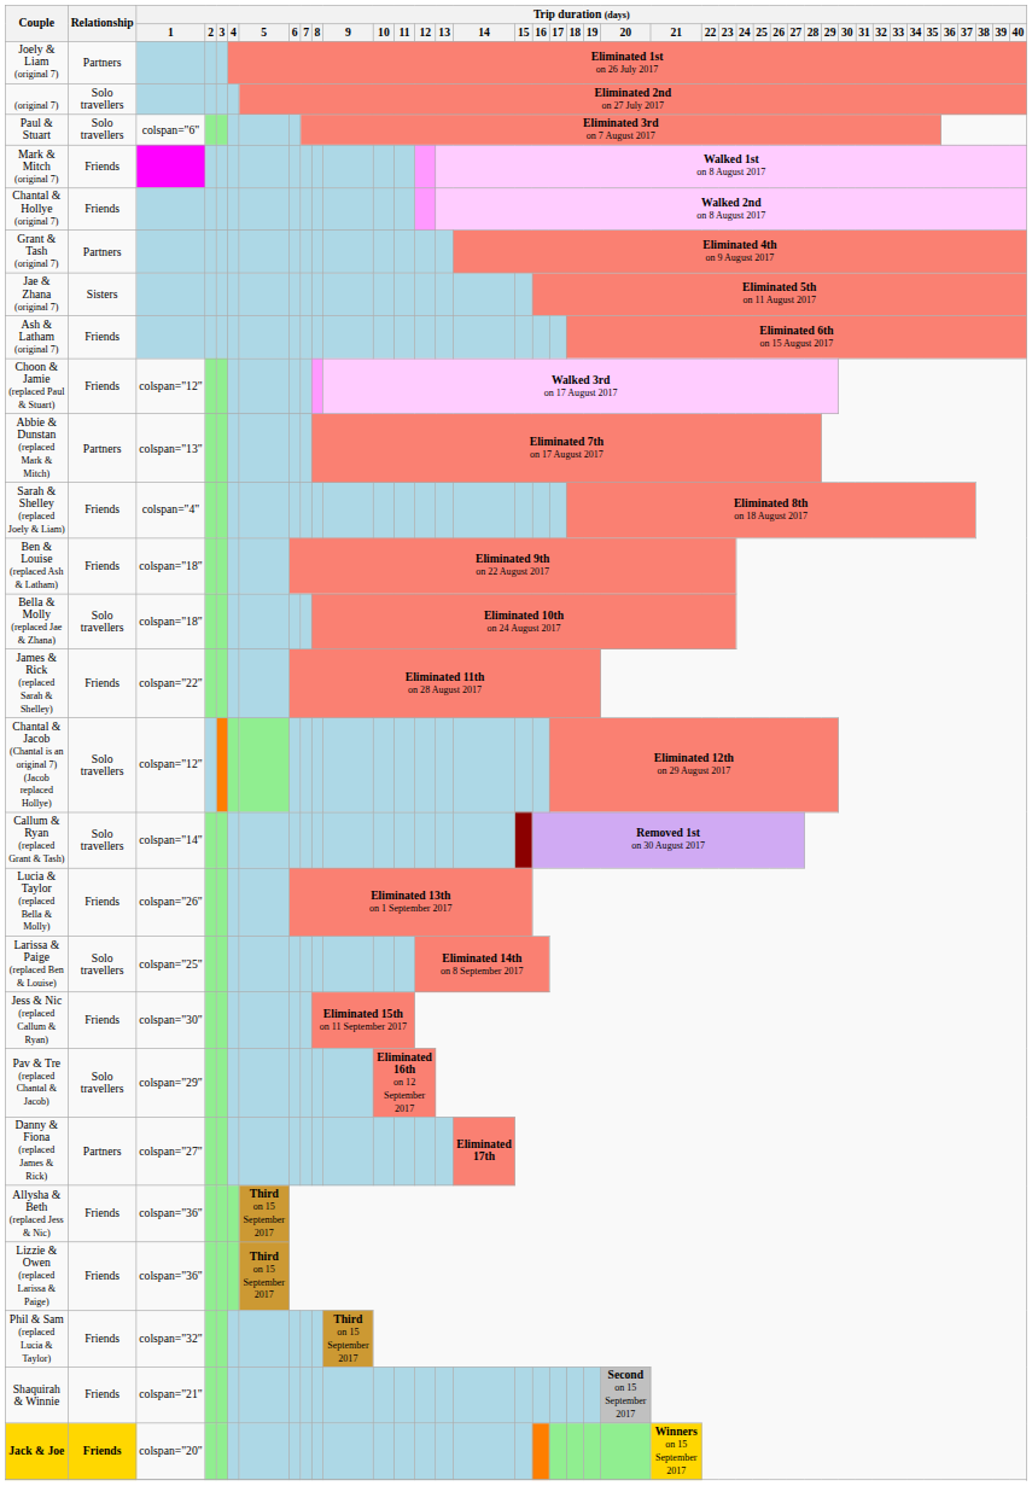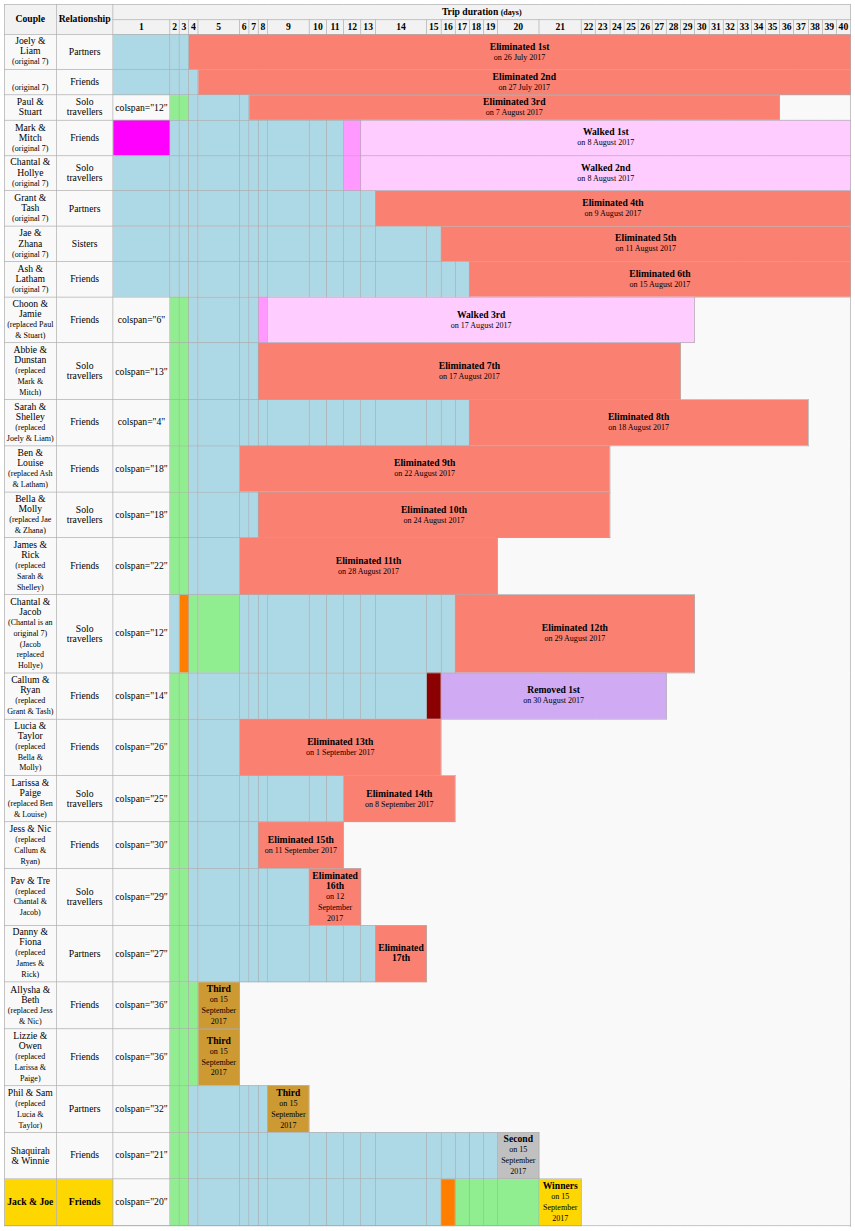 <table class="wikitable" style="text-align:center; width:100%; font-size:90%; line-height:15px;">
 <tr>
 <th rowspan="2">Couple</th>
 <th rowspan="2">Relationship</th>
 <th colspan="40">Trip duration <small>(days)</small></th>
 </tr>
 <tr>
 <th>1</th>
 <th>2</th>
 <th>3</th>
 <th>4</th>
 <th>5</th>
 <th>6</th>
 <th>7</th>
 <th>8</th>
 <th>9</th>
 <th>10</th>
 <th>11</th>
 <th>12</th>
 <th>13</th>
 <th>14</th>
 <th>15</th>
 <th>16</th>
 <th>17</th>
 <th>18</th>
 <th>19</th>
 <th>20</th>
 <th>21</th>
 <th>22</th>
 <th>23</th>
 <th>24</th>
 <th>25</th>
 <th>26</th>
 <th>27</th>
 <th>28</th>
 <th>29</th>
 <th>30</th>
 <th>31</th>
 <th>32</th>
 <th>33</th>
 <th>34</th>
 <th>35</th>
 <th>36</th>
 <th>37</th>
 <th>38</th>
 <th>39</th>
 <th>40</th>
 </tr>
 <tr>
 <td>Joely & Liam<br><small>(original 7)</small></td>
 <td>Partners</td>
 <td style="background:lightblue;"></td>
 <td style="background:lightblue;"></td>
 <td style="background:lightblue;"></td>
 <td colspan="37" style="background:salmon;"><strong>Eliminated 1st</strong><br><small>on 26 July 2017</small></td>
 </tr>
 <tr>
 <td><br><small>(original 7)</small></td>
-<td>Solo travellers</td>
+<td>Friends</td>
 <td style="background:lightblue;"></td>
 <td style="background:lightblue;"></td>
 <td style="background:lightblue;"></td>
 <td style="background:lightblue;"></td>
 <td colspan="36" style="background:salmon;"><strong>Eliminated 2nd</strong><br><small>on 27 July 2017</small></td>
 </tr>
 <tr>
 <td>Paul & Stuart<br><small></small></td>
 <td>Solo travellers</td>
-<td>colspan="6" </td>
+<td>colspan="12" </td>
 <td style="background:lightgreen;"></td>
 <td style="background:lightgreen;"></td>
 <td style="background:lightblue;"></td>
 <td style="background:lightblue;"></td>
 <td style="background:lightblue;"></td>
 <td colspan="29" style="background:salmon;"><strong>Eliminated 3rd</strong><br><small>on 7 August 2017</small></td>
 </tr>
 <tr>
 <td>Mark & Mitch<br><small>(original 7)</small></td>
 <td>Friends</td>
 <td style="background:#ff00ff;"></td>
 <td style="background:lightblue;"></td>
 <td style="background:lightblue;"></td>
 <td style="background:lightblue;"></td>
 <td style="background:lightblue;"></td>
 <td style="background:lightblue;"></td>
 <td style="background:lightblue;"></td>
 <td style="background:lightblue;"></td>
 <td style="background:lightblue;"></td>
 <td style="background:lightblue;"></td>
 <td style="background:lightblue;"></td>
 <td style="background:#ff99ff;"></td>
 <td colspan="28" style="background:#ffccff;"><strong>Walked 1st</strong><br><small>on 8 August 2017</small></td>
 </tr>
 <tr>
 <td>Chantal & Hollye<br><small>(original 7)</small></td>
-<td>Friends</td>
+<td>Solo travellers</td>
 <td style="background:lightblue;"></td>
 <td style="background:lightblue;"></td>
 <td style="background:lightblue;"></td>
 <td style="background:lightblue;"></td>
 <td style="background:lightblue;"></td>
 <td style="background:lightblue;"></td>
 <td style="background:lightblue;"></td>
 <td style="background:lightblue;"></td>
 <td style="background:lightblue;"></td>
 <td style="background:lightblue;"></td>
 <td style="background:lightblue;"></td>
 <td style="background:#ff99ff;"></td>
 <td colspan="28" style="background:#ffccff;"><strong>Walked 2nd</strong><br><small>on 8 August 2017</small></td>
 </tr>
 <tr>
 <td>Grant & Tash<br><small>(original 7)</small></td>
 <td>Partners</td>
 <td style="background:lightblue;"></td>
 <td style="background:lightblue;"></td>
 <td style="background:lightblue;"></td>
 <td style="background:lightblue;"></td>
 <td style="background:lightblue;"></td>
 <td style="background:lightblue;"></td>
 <td style="background:lightblue;"></td>
 <td style="background:lightblue;"></td>
 <td style="background:lightblue;"></td>
 <td style="background:lightblue;"></td>
 <td style="background:lightblue;"></td>
 <td style="background:lightblue;"></td>
 <td style="background:lightblue;"></td>
 <td colspan="27" style="background:salmon;"><strong>Eliminated 4th</strong><br><small>on 9 August 2017</small></td>
 </tr>
 <tr>
 <td>Jae & Zhana<br><small>(original 7)</small></td>
 <td>Sisters</td>
 <td style="background:lightblue;"></td>
 <td style="background:lightblue;"></td>
 <td style="background:lightblue;"></td>
 <td style="background:lightblue;"></td>
 <td style="background:lightblue;"></td>
 <td style="background:lightblue;"></td>
 <td style="background:lightblue;"></td>
 <td style="background:lightblue;"></td>
 <td style="background:lightblue;"></td>
 <td style="background:lightblue;"></td>
 <td style="background:lightblue;"></td>
 <td style="background:lightblue;"></td>
 <td style="background:lightblue;"></td>
 <td style="background:lightblue;"></td>
 <td style="background:lightblue;"></td>
 <td colspan="25" style="background:salmon;"><strong>Eliminated 5th</strong><br><small>on 11 August 2017</small></td>
 </tr>
 <tr>
 <td>Ash & Latham<br><small>(original 7)</small></td>
 <td>Friends</td>
 <td style="background:lightblue;"></td>
 <td style="background:lightblue;"></td>
 <td style="background:lightblue;"></td>
 <td style="background:lightblue;"></td>
 <td style="background:lightblue;"></td>
 <td style="background:lightblue;"></td>
 <td style="background:lightblue;"></td>
 <td style="background:lightblue;"></td>
 <td style="background:lightblue;"></td>
 <td style="background:lightblue;"></td>
 <td style="background:lightblue;"></td>
 <td style="background:lightblue;"></td>
 <td style="background:lightblue;"></td>
 <td style="background:lightblue;"></td>
 <td style="background:lightblue;"></td>
 <td style="background:lightblue;"></td>
 <td style="background:lightblue;"></td>
 <td colspan="23" style="background:salmon;"><strong>Eliminated 6th</strong><br><small>on 15 August 2017</small></td>
 </tr>
 <tr>
 <td>Choon & Jamie<br><small>(replaced Paul & Stuart)</small></td>
 <td>Friends</td>
-<td>colspan="12" </td>
+<td>colspan="6" </td>
 <td style="background:lightgreen;"></td>
 <td style="background:lightgreen;"></td>
 <td style="background:lightblue;"></td>
 <td style="background:lightblue;"></td>
 <td style="background:lightblue;"></td>
 <td style="background:lightblue;"></td>
 <td style="background:#ff99ff;"></td>
 <td colspan="21" style="background:#ffccff;"><strong>Walked 3rd</strong><br><small>on 17 August 2017</small></td>
 </tr>
 <tr>
 <td>Abbie & Dunstan<br><small>(replaced Mark & Mitch)</small></td>
-<td>Partners</td>
+<td>Solo travellers</td>
 <td>colspan="13" </td>
 <td style="background:lightgreen;"></td>
 <td style="background:lightgreen;"></td>
 <td style="background:lightblue;"></td>
 <td style="background:lightblue;"></td>
 <td style="background:lightblue;"></td>
 <td style="background:lightblue;"></td>
 <td colspan="21" style="background:salmon;"><strong>Eliminated 7th</strong><br><small>on 17 August 2017</small></td>
 </tr>
 <tr>
 <td>Sarah & Shelley<br><small>(replaced Joely & Liam)</small></td>
 <td>Friends</td>
 <td>colspan="4" </td>
 <td style="background:lightgreen;"></td>
 <td style="background:lightgreen;"></td>
 <td style="background:lightblue;"></td>
 <td style="background:lightblue;"></td>
 <td style="background:lightblue;"></td>
 <td style="background:lightblue;"></td>
 <td style="background:lightblue;"></td>
 <td style="background:lightblue;"></td>
 <td style="background:lightblue;"></td>
 <td style="background:lightblue;"></td>
 <td style="background:lightblue;"></td>
 <td style="background:lightblue;"></td>
 <td style="background:lightblue;"></td>
 <td style="background:lightblue;"></td>
 <td style="background:lightblue;"></td>
 <td style="background:lightblue;"></td>
 <td colspan="20" style="background:salmon;"><strong>Eliminated 8th</strong><br><small>on 18 August 2017</small></td>
 </tr>
 <tr>
 <td>Ben & Louise<br><small>(replaced Ash & Latham)</small></td>
 <td>Friends</td>
 <td>colspan="18" </td>
 <td style="background:lightgreen;"></td>
 <td style="background:lightgreen;"></td>
 <td style="background:lightblue;"></td>
 <td style="background:lightblue;"></td>
 <td colspan="18" style="background:salmon;"><strong>Eliminated 9th</strong><br><small>on 22 August 2017</small></td>
 </tr>
 <tr>
 <td>Bella & Molly<br><small>(replaced Jae & Zhana)</small></td>
 <td>Solo travellers</td>
 <td>colspan="18" </td>
 <td style="background:lightgreen;"></td>
 <td style="background:lightgreen;"></td>
 <td style="background:lightblue;"></td>
 <td style="background:lightblue;"></td>
 <td style="background:lightblue;"></td>
 <td style="background:lightblue;"></td>
 <td colspan="16" style="background:salmon;"><strong>Eliminated 10th</strong><br><small>on 24 August 2017</small></td>
 </tr>
 <tr>
 <td>James & Rick<br><small>(replaced Sarah & Shelley)</small></td>
 <td>Friends</td>
 <td>colspan="22" </td>
 <td style="background:lightgreen;"></td>
 <td style="background:lightgreen;"></td>
 <td style="background:lightblue;"></td>
 <td style="background:lightblue;"></td>
 <td colspan="14" style="background:salmon;"><strong>Eliminated 11th</strong><br><small>on 28 August 2017</small></td>
 </tr>
 <tr>
 <td>Chantal & Jacob<br><small>(Chantal is an original 7) (Jacob replaced Hollye)</small></td>
 <td>Solo travellers</td>
 <td>colspan="12" </td>
 <td style="background:lightblue;"></td>
 <td style="background:#ff7e00;"></td>
 <td style="background:lightgreen;"></td>
 <td style="background:lightgreen;"></td>
 <td style="background:lightblue;"></td>
 <td style="background:lightblue;"></td>
 <td style="background:lightblue;"></td>
 <td style="background:lightblue;"></td>
 <td style="background:lightblue;"></td>
 <td style="background:lightblue;"></td>
 <td style="background:lightblue;"></td>
 <td style="background:lightblue;"></td>
 <td style="background:lightblue;"></td>
 <td style="background:lightblue;"></td>
 <td style="background:lightblue;"></td>
 <td colspan="13" style="background:salmon;"><strong>Eliminated 12th</strong><br><small>on 29 August 2017</small></td>
 </tr>
 <tr>
 <td>Callum & Ryan<br><small>(replaced Grant & Tash)</small></td>
-<td>Solo travellers</td>
+<td>Friends</td>
 <td>colspan="14" </td>
 <td style="background:lightgreen;"></td>
 <td style="background:lightgreen;"></td>
 <td style="background:lightblue;"></td>
 <td style="background:lightblue;"></td>
 <td style="background:lightblue;"></td>
 <td style="background:lightblue;"></td>
 <td style="background:lightblue;"></td>
 <td style="background:lightblue;"></td>
 <td style="background:lightblue;"></td>
 <td style="background:lightblue;"></td>
 <td style="background:lightblue;"></td>
 <td style="background:lightblue;"></td>
 <td style="background:lightblue;"></td>
 <td style="background:darkred;"></td>
 <td colspan=12 style="background:#d0aaf3;"><strong>Removed 1st</strong><br><small>on 30 August 2017</small></td>
 </tr>
 <tr>
 <td>Lucia & Taylor<br><small>(replaced Bella & Molly)</small></td>
 <td>Friends</td>
 <td>colspan="26" </td>
 <td style="background:lightgreen;"></td>
 <td style="background:lightgreen;"></td>
 <td style="background:lightblue;"></td>
 <td style="background:lightblue;"></td>
 <td colspan=10 style="background:salmon;"><strong>Eliminated 13th</strong><br><small>on 1 September 2017</small></td>
 </tr>
 <tr>
 <td>Larissa & Paige<br><small>(replaced Ben & Louise)</small></td>
 <td>Solo travellers</td>
 <td>colspan="25" </td>
 <td style="background:lightgreen;"></td>
 <td style="background:lightgreen;"></td>
 <td style="background:lightblue;"></td>
 <td style="background:lightblue;"></td>
 <td style="background:lightblue;"></td>
 <td style="background:lightblue;"></td>
 <td style="background:lightblue;"></td>
 <td style="background:lightblue;"></td>
 <td style="background:lightblue;"></td>
 <td style="background:lightblue;"></td>
 <td colspan=5 style="background:salmon;"><strong>Eliminated 14th</strong><br><small>on 8 September 2017</small></td>
 </tr>
 <tr>
 <td>Jess & Nic<br><small>(replaced Callum & Ryan)</small></td>
 <td>Friends</td>
 <td>colspan="30" </td>
 <td style="background:lightgreen;"></td>
 <td style="background:lightgreen;"></td>
 <td style="background:lightblue;"></td>
 <td style="background:lightblue;"></td>
 <td style="background:lightblue;"></td>
 <td style="background:lightblue;"></td>
 <td colspan=4 style="background:salmon;"><strong>Eliminated 15th</strong><br><small>on 11 September 2017</small></td>
 </tr>
 <tr>
 <td>Pav & Tre<br><small>(replaced Chantal & Jacob)</small></td>
 <td>Solo travellers</td>
 <td>colspan="29" </td>
 <td style="background:lightgreen;"></td>
 <td style="background:lightgreen;"></td>
 <td style="background:lightblue;"></td>
 <td style="background:lightblue;"></td>
 <td style="background:lightblue;"></td>
 <td style="background:lightblue;"></td>
 <td style="background:lightblue;"></td>
 <td style="background:lightblue;"></td>
 <td colspan=3 style="background:salmon;"><strong>Eliminated 16th</strong><br><small>on 12 September 2017</small></td>
 </tr>
 <tr>
 <td>Danny & Fiona<br><small>(replaced James & Rick)</small></td>
 <td>Partners</td>
 <td>colspan="27" </td>
 <td style="background:lightgreen;"></td>
 <td style="background:lightgreen;"></td>
 <td style="background:lightblue;"></td>
 <td style="background:lightblue;"></td>
 <td style="background:lightblue;"></td>
 <td style="background:lightblue;"></td>
 <td style="background:lightblue;"></td>
 <td style="background:lightblue;"></td>
 <td style="background:lightblue;"></td>
 <td style="background:lightblue;"></td>
 <td style="background:lightblue;"></td>
 <td style="background:lightblue;"></td>
 <td colspan=1 style="background:salmon;"><strong>Eliminated 17th</strong><br><small></small></td>
 </tr>
 <tr>
 <td>Allysha & Beth<br><small>(replaced Jess & Nic)</small></td>
 <td>Friends</td>
 <td>colspan="36" </td>
 <td style="background:lightgreen;"></td>
 <td style="background:lightgreen;"></td>
 <td style="background:lightgreen;"></td>
 <td style="background:#cc9933;"><strong>Third</strong><br><small>on 15 September 2017</small></td>
 </tr>
 <tr>
 <td>Lizzie & Owen<br><small>(replaced Larissa & Paige)</small></td>
 <td>Friends</td>
 <td>colspan="36" </td>
 <td style="background:lightgreen;"></td>
 <td style="background:lightgreen;"></td>
 <td style="background:lightgreen;"></td>
 <td style="background:#cc9933;"><strong>Third</strong><br><small>on 15 September 2017</small></td>
 </tr>
 <tr>
 <td>Phil & Sam<br><small>(replaced Lucia & Taylor)</small></td>
-<td>Friends</td>
+<td>Partners</td>
 <td>colspan="32" </td>
 <td style="background:lightgreen;"></td>
 <td style="background:lightgreen;"></td>
 <td style="background:lightblue;"></td>
 <td style="background:lightblue;"></td>
 <td style="background:lightblue;"></td>
 <td style="background:lightblue;"></td>
 <td style="background:lightblue;"></td>
 <td style="background:#cc9933;"><strong>Third</strong><br><small>on 15 September 2017</small></td>
 </tr>
 <tr>
 <td>Shaquirah & Winnie<br><small></small></td>
 <td>Friends</td>
 <td>colspan="21" </td>
 <td style="background:lightgreen;"></td>
 <td style="background:lightgreen;"></td>
 <td style="background:lightblue;"></td>
 <td style="background:lightblue;"></td>
 <td style="background:lightblue;"></td>
 <td style="background:lightblue;"></td>
 <td style="background:lightblue;"></td>
 <td style="background:lightblue;"></td>
 <td style="background:lightblue;"></td>
 <td style="background:lightblue;"></td>
 <td style="background:lightblue;"></td>
 <td style="background:lightblue;"></td>
 <td style="background:lightblue;"></td>
 <td style="background:lightblue;"></td>
 <td style="background:lightblue;"></td>
 <td style="background:lightblue;"></td>
 <td style="background:lightblue;"></td>
 <td style="background:lightblue;"></td>
 <td style="background:silver;"><strong>Second</strong><br><small>on 15 September 2017</small></td>
 </tr>
 <tr>
 <td style="background:gold;"><strong>Jack & Joe</strong><br><small><strong></strong></small></td>
 <td style="background:gold;"><strong>Friends</strong></td>
 <td>colspan="20" </td>
 <td style="background:lightgreen;"></td>
 <td style="background:lightgreen;"></td>
 <td style="background:lightblue;"></td>
 <td style="background:lightblue;"></td>
 <td style="background:lightblue;"></td>
 <td style="background:lightblue;"></td>
 <td style="background:lightblue;"></td>
 <td style="background:lightblue;"></td>
 <td style="background:lightblue;"></td>
 <td style="background:lightblue;"></td>
 <td style="background:lightblue;"></td>
 <td style="background:lightblue;"></td>
 <td style="background:lightblue;"></td>
 <td style="background:lightblue;"></td>
 <td style="background:#ff7e00;"></td>
 <td style="background:lightgreen;"></td>
 <td style="background:lightgreen;"></td>
 <td style="background:lightgreen;"></td>
 <td style="background:lightgreen;"></td>
 <td style="background:gold;"><strong>Winners</strong><br><small>on 15 September 2017</small></td>
 </tr>
 <tr>
 </tr>
 </table>
